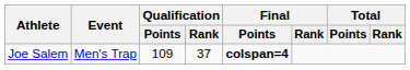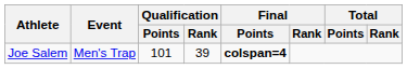 <table class=wikitable style=font-size:90%;text-align:center>
 <tr>
 <th rowspan=2>Athlete</th>
 <th rowspan=2>Event</th>
 <th colspan=2>Qualification</th>
 <th colspan=2>Final</th>
 <th colspan=2>Total</th>
 </tr>
 <tr style=font-size:95%>
 <th>Points</th>
 <th>Rank</th>
 <th>Points</th>
 <th>Rank</th>
 <th>Points</th>
 <th>Rank</th>
 </tr>
 <tr>
 <td align=left><a href='#'>Joe Salem</a></td>
 <td align=left><a href='#'>Men's Trap</a></td>
-<td>109</td>
-<td>37</td>
+<td>101</td>
+<td>39</td>
 <td><strong>colspan=4 </strong></td>
 </tr>
 </table>
